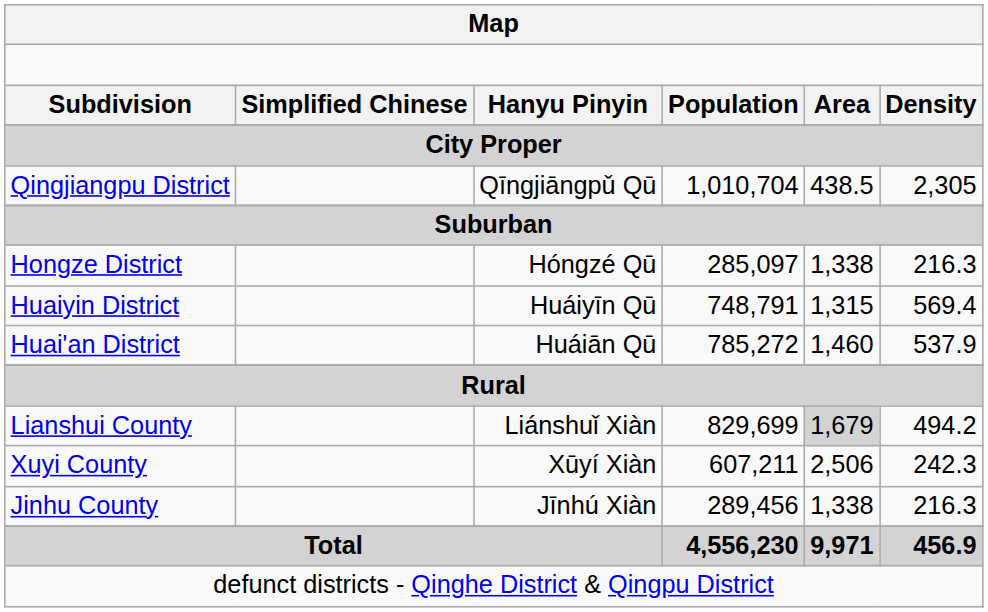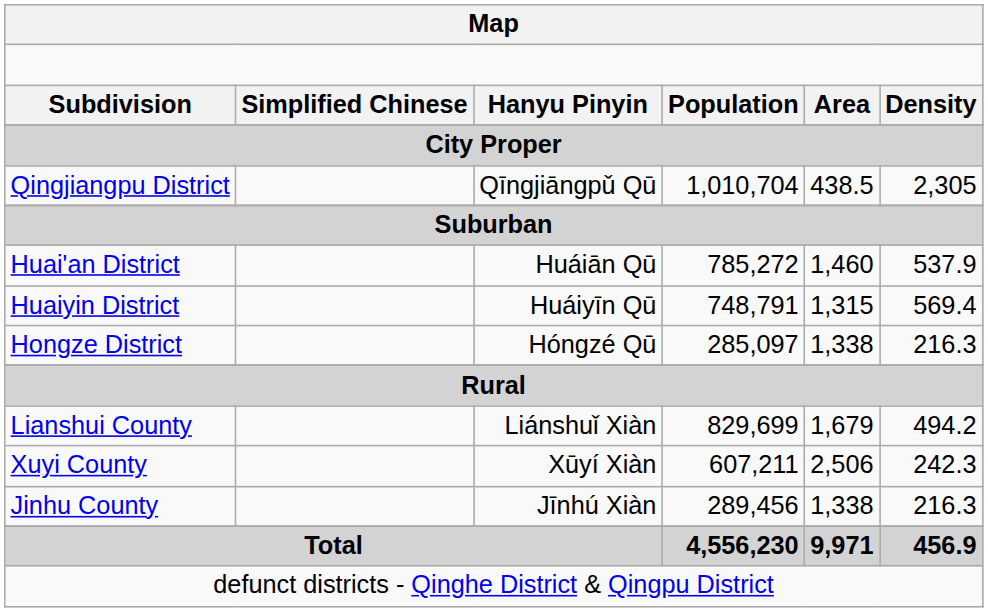 <table class="wikitable">
 <tr>
 <th colspan="6">Map</th>
 </tr>
 <tr>
 <td colspan="6"><div><br>            </div></td>
 </tr>
 <tr>
 <th align=left>Subdivision</th>
 <th align=left>Simplified Chinese</th>
 <th align=left>Hanyu Pinyin</th>
 <th align=left>Population </th>
 <th align=left>Area </th>
 <th align=left>Density </th>
 </tr>
 <tr>
 </tr>
 <tr style="background:#d3d3d3;">
 <td colspan="6"  style="text-align:center; "><strong>City Proper</strong></td>
 </tr>
 <tr>
 <td align=left><a href='#'>Qingjiangpu District</a></td>
 <td align=left></td>
 <td align=right>Qīngjiāngpǔ Qū</td>
 <td align=right>1,010,704</td>
 <td align=right>438.5</td>
 <td align=right>2,305</td>
 </tr>
 <tr>
 </tr>
 <tr style="background:#d3d3d3;">
 <td colspan="6"  style="text-align:center; "><strong>Suburban</strong></td>
 </tr>
 <tr>
-<td align=left><a href='#'>Hongze District</a></td>
+<td align=left><a href='#'>Huai'an District</a></td>
 <td align=left></td>
-<td align=right>Hóngzé Qū</td>
-<td align=right>285,097</td>
-<td align=right>1,338</td>
-<td align=right>216.3</td>
+<td align=right>Huáiān Qū</td>
+<td align=right>785,272</td>
+<td align=right>1,460</td>
+<td align=right>537.9</td>
 </tr>
 <tr>
 <td align=left><a href='#'>Huaiyin District</a></td>
 <td align=left></td>
 <td align=right>Huáiyīn Qū</td>
 <td align=right>748,791</td>
 <td align=right>1,315</td>
 <td align=right>569.4</td>
 </tr>
 <tr>
-<td align=left><a href='#'>Huai'an District</a></td>
+<td align=left><a href='#'>Hongze District</a></td>
 <td align=left></td>
-<td align=right>Huáiān Qū</td>
-<td align=right>785,272</td>
-<td align=right>1,460</td>
-<td align=right>537.9</td>
+<td align=right>Hóngzé Qū</td>
+<td align=right>285,097</td>
+<td align=right>1,338</td>
+<td align=right>216.3</td>
 </tr>
 <tr>
 </tr>
 <tr style="background:#d3d3d3;">
 <td colspan="6"  style="text-align:center; "><strong>Rural</strong></td>
 </tr>
 <tr>
 <td align=left><a href='#'>Lianshui County</a></td>
 <td align=left></td>
 <td align=right>Liánshuǐ Xiàn</td>
 <td align=right>829,699</td>
-<td align=right style="background: lightgrey;">1,679</td>
+<td align=right>1,679</td>
 <td align=right>494.2</td>
 </tr>
 <tr>
 <td align=left><a href='#'>Xuyi County</a></td>
 <td align=left></td>
 <td align=right>Xūyí Xiàn</td>
 <td align=right>607,211</td>
 <td align=right>2,506</td>
 <td align=right>242.3</td>
 </tr>
 <tr>
 <td align=left><a href='#'>Jinhu County</a></td>
 <td align=left></td>
 <td align=right>Jīnhú Xiàn</td>
 <td align=right>289,456</td>
 <td align=right>1,338</td>
 <td align=right>216.3</td>
 </tr>
 <tr>
 </tr>
 <tr style="background:#d3d3d3;">
 <td colspan=3 style="text-align:center; "><strong>Total</strong></td>
 <td align=right><strong>4,556,230</strong></td>
 <td align=right><strong>9,971</strong></td>
 <td align=right><strong>456.9</strong></td>
 </tr>
 <tr>
 <td colspan=6 style="text-align:center; ">defunct districts - <a href='#'>Qinghe District</a> & <a href='#'>Qingpu District</a></td>
 </tr>
 </table>
